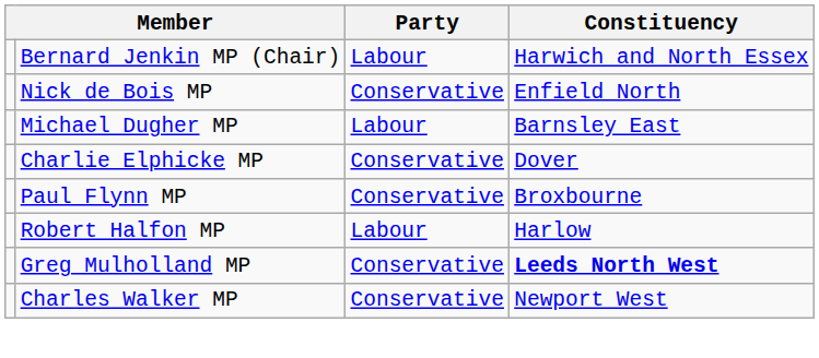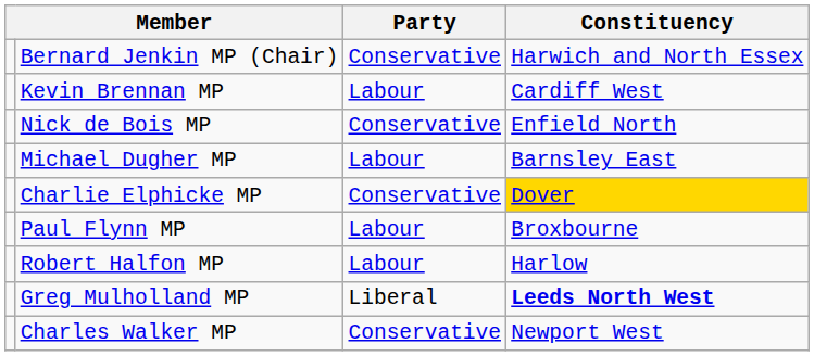 <table class="wikitable">
 <tr>
 <th colspan=2>Member</th>
 <th>Party</th>
 <th>Constituency</th>
 </tr>
 <tr>
 <td style="color:inherit;background:"></td>
 <td><a href='#'>Bernard Jenkin</a> MP (Chair)</td>
+<td><a href='#'>Conservative</a></td>
+<td><a href='#'>Harwich and North Essex</a></td>
+</tr>
+<tr>
+<td style="color:inherit;background:"></td>
+<td><a href='#'>Kevin Brennan</a> MP</td>
 <td><a href='#'>Labour</a></td>
-<td><a href='#'>Harwich and North Essex</a></td>
+<td><a href='#'>Cardiff West</a></td>
 </tr>
 <tr>
 <td style="color:inherit;background:"></td>
 <td><a href='#'>Nick de Bois</a> MP</td>
 <td><a href='#'>Conservative</a></td>
 <td><a href='#'>Enfield North</a></td>
 </tr>
 <tr>
 <td style="color:inherit;background:"></td>
 <td><a href='#'>Michael Dugher</a> MP</td>
 <td><a href='#'>Labour</a></td>
 <td><a href='#'>Barnsley East</a></td>
 </tr>
 <tr>
 <td style="color:inherit;background:"></td>
 <td><a href='#'>Charlie Elphicke</a> MP</td>
 <td><a href='#'>Conservative</a></td>
-<td><a href='#'>Dover</a></td>
+<td style="background: gold;"><a href='#'>Dover</a></td>
 </tr>
 <tr>
 <td style="color:inherit;background:"></td>
 <td><a href='#'>Paul Flynn</a> MP</td>
-<td><a href='#'>Conservative</a></td>
+<td><a href='#'>Labour</a></td>
 <td><a href='#'>Broxbourne</a></td>
 </tr>
 <tr>
 <td style="color:inherit;background:"></td>
 <td><a href='#'>Robert Halfon</a> MP</td>
 <td><a href='#'>Labour</a></td>
 <td><a href='#'>Harlow</a></td>
 </tr>
 <tr>
 <td style="color:inherit;background:"></td>
 <td><a href='#'>Greg Mulholland</a> MP</td>
-<td><a href='#'>Conservative</a></td>
+<td>Liberal</td>
 <td><strong><a href='#'>Leeds North West</a></strong></td>
 </tr>
 <tr>
 <td style="color:inherit;background:"></td>
 <td><a href='#'>Charles Walker</a> MP</td>
 <td><a href='#'>Conservative</a></td>
 <td><a href='#'>Newport West</a></td>
 </tr>
 </table>
